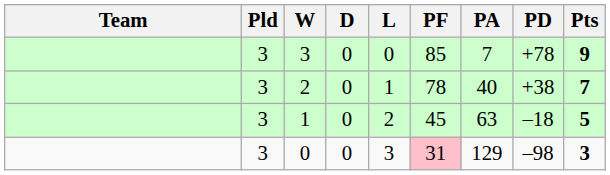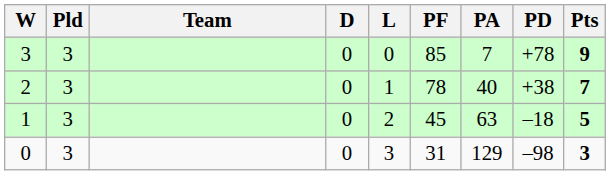 <table class="wikitable" style="text-align:center;">
 <tr>
+<th width=25 abbr="Won">W</th>
+<th width=25 abbr="Played">Pld</th>
 <th width=175>Team</th>
-<th width=25 abbr="Played">Pld</th>
-<th width=25 abbr="Won">W</th>
 <th width=25 abbr="Drawn">D</th>
 <th width=25 abbr="Lost">L</th>
 <th width=32 abbr="Points for">PF</th>
 <th width=32 abbr="Points against">PA</th>
 <th width=32 abbr="Points difference">PD</th>
 <th width=25 abbr="Points">Pts</th>
 </tr>
 <tr bgcolor=ccffcc>
-<td align=left></td>
 <td>3</td>
 <td>3</td>
+<td align=left></td>
 <td>0</td>
 <td>0</td>
 <td>85</td>
 <td>7</td>
 <td>+78</td>
 <td><strong>9</strong></td>
 </tr>
 <tr bgcolor=ccffcc>
+<td>2</td>
+<td>3</td>
 <td align=left></td>
-<td>3</td>
-<td>2</td>
 <td>0</td>
 <td>1</td>
 <td>78</td>
 <td>40</td>
 <td>+38</td>
 <td><strong>7</strong></td>
 </tr>
 <tr bgcolor=ccffcc>
+<td>1</td>
+<td>3</td>
 <td align=left></td>
-<td>3</td>
-<td>1</td>
 <td>0</td>
 <td>2</td>
 <td>45</td>
 <td>63</td>
 <td>–18</td>
 <td><strong>5</strong></td>
 </tr>
 <tr>
-<td align=left></td>
-<td>3</td>
-<td>0</td>
 <td>0</td>
 <td>3</td>
-<td style="background: pink;">31</td>
+<td align=left></td>
+<td>0</td>
+<td>3</td>
+<td>31</td>
 <td>129</td>
 <td>–98</td>
 <td><strong>3</strong></td>
 </tr>
 </table>
